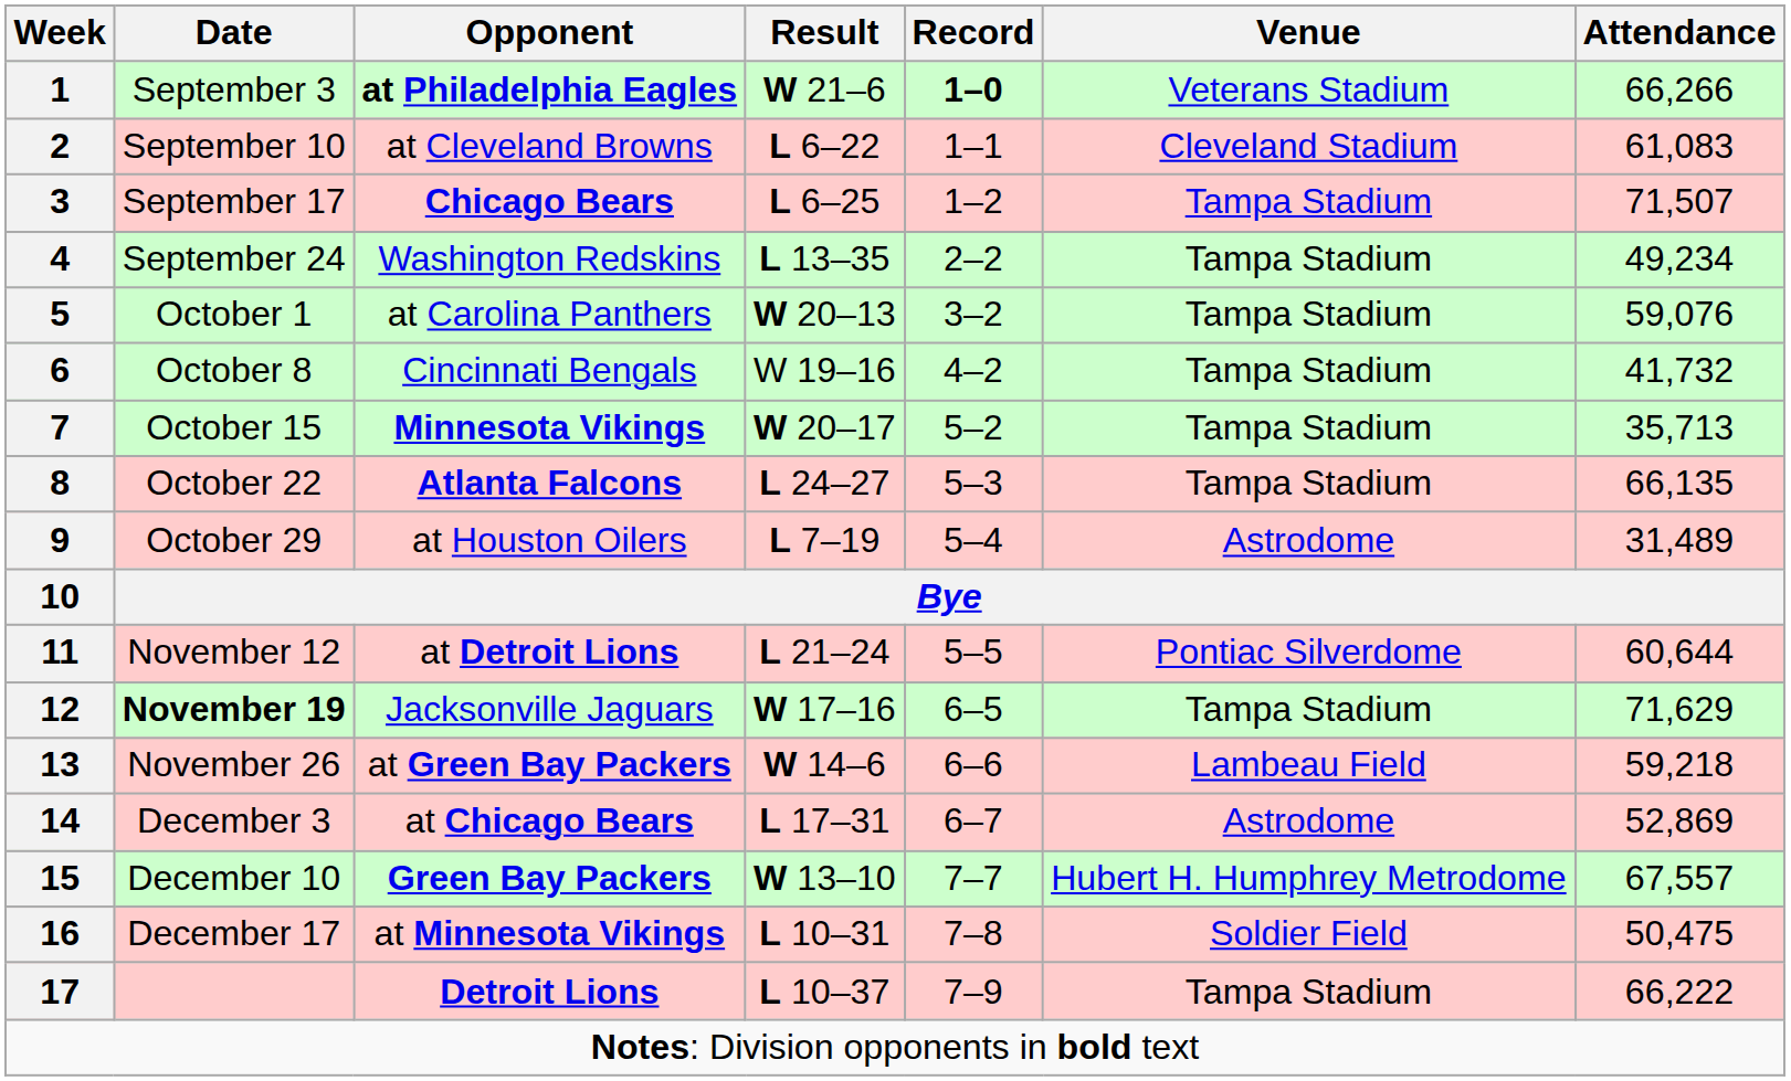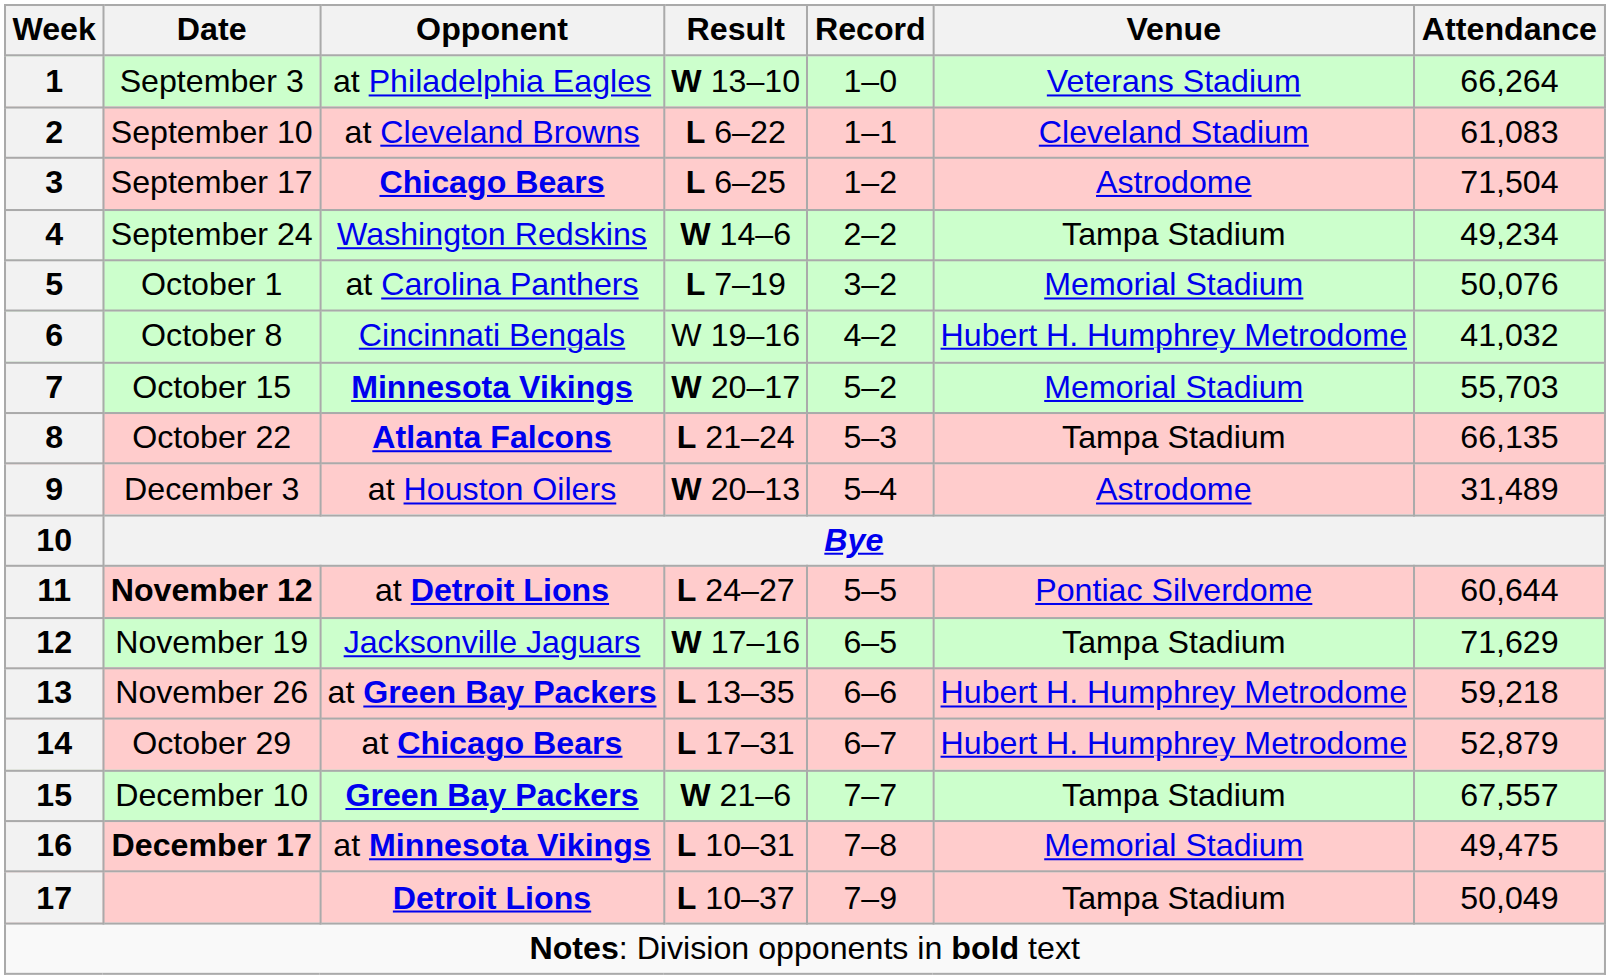 <table class="wikitable" style="text-align:center;">
 <tr>
 <th>Week</th>
 <th>Date</th>
 <th>Opponent</th>
 <th>Result</th>
 <th>Record</th>
 <th>Venue</th>
 <th>Attendance</th>
 </tr>
 <tr style="background:#cfc;">
 <th>1</th>
 <td>September 3</td>
-<td><strong>at <a href='#'>Philadelphia Eagles</a></strong></td>
-<td><strong>W</strong> 21–6</td>
-<td><strong>1–0</strong></td>
+<td>at <a href='#'>Philadelphia Eagles</a></td>
+<td><strong>W</strong> 13–10 </td>
+<td>1–0</td>
 <td><a href='#'>Veterans Stadium</a></td>
-<td>66,266</td>
+<td>66,264</td>
 </tr>
 <tr style="background:#fcc;">
 <th>2</th>
 <td>September 10</td>
 <td>at <a href='#'>Cleveland Browns</a></td>
 <td><strong>L</strong> 6–22</td>
 <td>1–1</td>
 <td><a href='#'>Cleveland Stadium</a></td>
 <td>61,083</td>
 </tr>
 <tr style="background:#fcc;">
 <th>3</th>
 <td>September 17</td>
 <td><strong><a href='#'>Chicago Bears</a></strong></td>
 <td><strong>L</strong> 6–25</td>
 <td>1–2</td>
-<td><a href='#'>Tampa Stadium</a></td>
-<td>71,507</td>
+<td><a href='#'>Astrodome</a></td>
+<td>71,504</td>
 </tr>
 <tr style="background:#cfc;">
 <th>4</th>
 <td>September 24</td>
 <td><a href='#'>Washington Redskins</a></td>
-<td><strong>L</strong> 13–35</td>
+<td><strong>W</strong> 14–6</td>
 <td>2–2</td>
 <td>Tampa Stadium</td>
 <td>49,234</td>
 </tr>
 <tr style="background:#cfc;">
 <th>5</th>
 <td>October 1</td>
 <td>at <a href='#'>Carolina Panthers</a></td>
-<td><strong>W</strong> 20–13</td>
+<td><strong>L</strong> 7–19</td>
 <td>3–2</td>
-<td>Tampa Stadium</td>
-<td>59,076</td>
+<td><a href='#'>Memorial Stadium</a></td>
+<td>50,076</td>
 </tr>
 <tr style="background:#cfc;">
 <th>6</th>
 <td>October 8</td>
 <td><a href='#'>Cincinnati Bengals</a></td>
 <td>W 19–16</td>
 <td>4–2</td>
-<td>Tampa Stadium</td>
-<td>41,732</td>
+<td><a href='#'>Hubert H. Humphrey Metrodome</a></td>
+<td>41,032</td>
 </tr>
 <tr style="background:#cfc;">
 <th>7</th>
 <td>October 15</td>
 <td><strong><a href='#'>Minnesota Vikings</a></strong></td>
 <td><strong>W</strong> 20–17 </td>
 <td>5–2</td>
-<td>Tampa Stadium</td>
-<td>35,713</td>
+<td><a href='#'>Memorial Stadium</a></td>
+<td>55,703</td>
 </tr>
 <tr style="background:#fcc;">
 <th>8</th>
 <td>October 22</td>
 <td><strong><a href='#'>Atlanta Falcons</a></strong></td>
-<td><strong>L</strong> 24–27</td>
+<td><strong>L</strong> 21–24</td>
 <td>5–3</td>
 <td>Tampa Stadium</td>
 <td>66,135</td>
 </tr>
 <tr style="background:#fcc;">
 <th>9</th>
-<td>October 29</td>
+<td>December 3</td>
 <td>at <a href='#'>Houston Oilers</a></td>
-<td><strong>L</strong> 7–19</td>
+<td><strong>W</strong> 20–13</td>
 <td>5–4</td>
 <td><a href='#'>Astrodome</a></td>
 <td>31,489</td>
 </tr>
 <tr style="text-align:center;">
 <th>10</th>
 <th colspan="6"><em><a href='#'>Bye</a></em></th>
 </tr>
 <tr style="background:#fcc;">
 <th>11</th>
-<td>November 12</td>
+<td><strong>November 12</strong></td>
 <td>at <strong><a href='#'>Detroit Lions</a></strong></td>
-<td><strong>L</strong> 21–24</td>
+<td><strong>L</strong> 24–27</td>
 <td>5–5</td>
 <td><a href='#'>Pontiac Silverdome</a></td>
 <td>60,644</td>
 </tr>
 <tr style="background:#cfc;">
 <th>12</th>
-<td><strong>November 19</strong></td>
+<td>November 19</td>
 <td><a href='#'>Jacksonville Jaguars</a></td>
 <td><strong>W</strong> 17–16</td>
 <td>6–5</td>
 <td>Tampa Stadium</td>
 <td>71,629</td>
 </tr>
 <tr style="background:#fcc;">
 <th>13</th>
 <td>November 26</td>
 <td>at <strong><a href='#'>Green Bay Packers</a></strong></td>
-<td><strong>W</strong> 14–6</td>
+<td><strong>L</strong> 13–35</td>
 <td>6–6</td>
-<td><a href='#'>Lambeau Field</a></td>
+<td><a href='#'>Hubert H. Humphrey Metrodome</a></td>
 <td>59,218</td>
 </tr>
 <tr style="background:#fcc;">
 <th>14</th>
-<td>December 3</td>
+<td>October 29</td>
 <td>at <strong><a href='#'>Chicago Bears</a></strong></td>
 <td><strong>L</strong> 17–31</td>
 <td>6–7</td>
-<td><a href='#'>Astrodome</a></td>
-<td>52,869</td>
+<td><a href='#'>Hubert H. Humphrey Metrodome</a></td>
+<td>52,879</td>
 </tr>
 <tr style="background:#cfc;">
 <th>15</th>
 <td>December 10</td>
 <td><strong><a href='#'>Green Bay Packers</a></strong></td>
-<td><strong>W</strong> 13–10 </td>
+<td><strong>W</strong> 21–6</td>
 <td>7–7</td>
-<td><a href='#'>Hubert H. Humphrey Metrodome</a></td>
+<td>Tampa Stadium</td>
 <td>67,557</td>
 </tr>
 <tr style="background:#fcc;">
 <th>16</th>
-<td>December 17</td>
+<td><strong>December 17</strong></td>
 <td>at <strong><a href='#'>Minnesota Vikings</a></strong></td>
 <td><strong>L</strong> 10–31</td>
 <td>7–8</td>
-<td><a href='#'>Soldier Field</a></td>
-<td>50,475</td>
+<td><a href='#'>Memorial Stadium</a></td>
+<td>49,475</td>
 </tr>
 <tr style="background:#fcc;">
 <th>17</th>
 <td></td>
 <td><strong><a href='#'>Detroit Lions</a></strong></td>
 <td><strong>L</strong> 10–37</td>
 <td>7–9</td>
 <td>Tampa Stadium</td>
-<td>66,222</td>
+<td>50,049</td>
 </tr>
 <tr>
 <td colspan="7"><strong>Notes</strong>: Division opponents in <strong>bold</strong> text</td>
 </tr>
 </table>
